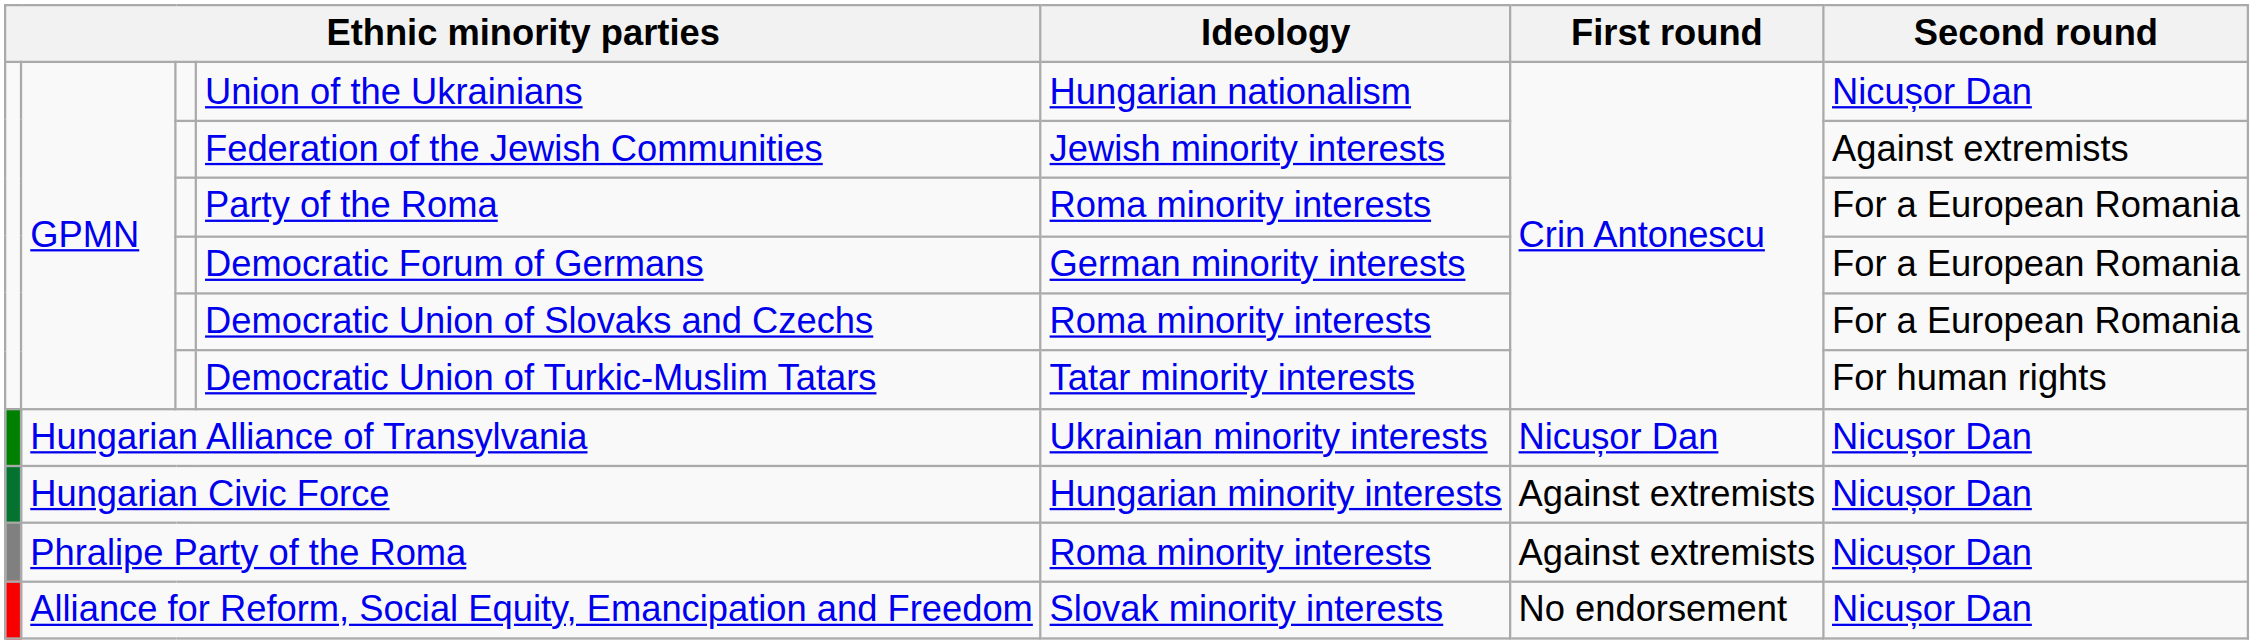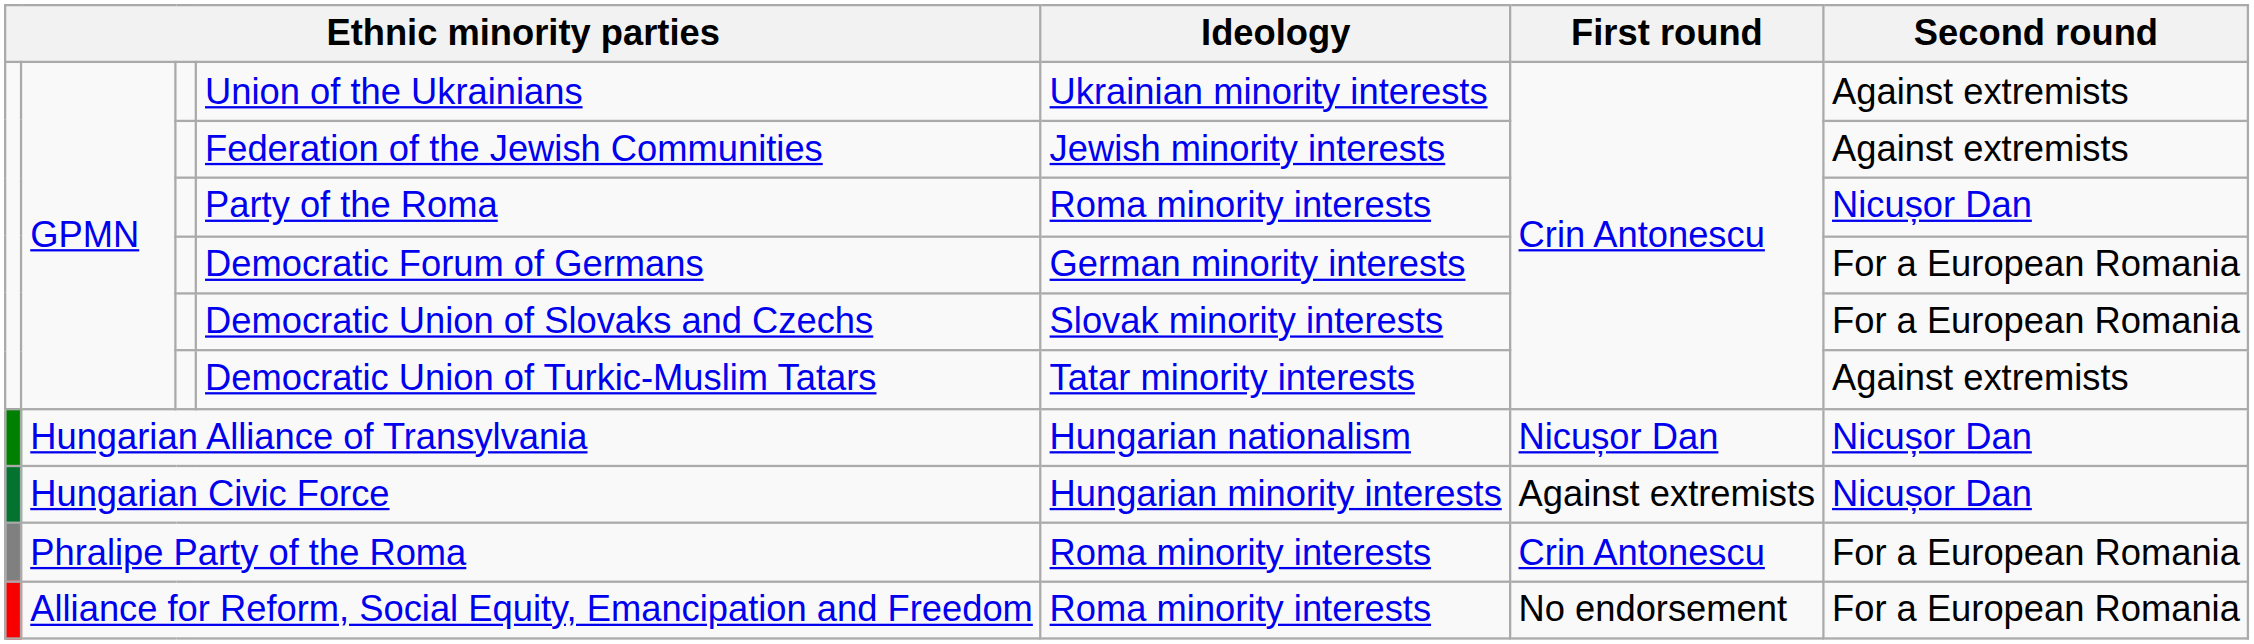 <table class="wikitable nowrap sortable collapsible collapsed">
 <tr>
 <th colspan="4">Ethnic minority parties</th>
 <th>Ideology</th>
 <th>First round</th>
 <th>Second round</th>
 </tr>
 <tr>
 <td rowspan="6" style="background-color: "></td>
 <td rowspan="6"><a href='#'>GPMN</a></td>
 <td style="background-color: "></td>
 <td><a href='#'>Union of the Ukrainians</a></td>
-<td><a href='#'>Hungarian nationalism</a></td>
+<td><a href='#'>Ukrainian minority interests</a></td>
 <td rowspan="6"><a href='#'>Crin Antonescu</a></td>
-<td><a href='#'>Nicușor Dan</a></td>
+<td>Against extremists</td>
 </tr>
 <tr>
 <td style="background-color: "></td>
 <td><a href='#'>Federation of the Jewish Communities</a></td>
 <td><a href='#'>Jewish minority interests</a></td>
 <td>Against extremists</td>
 </tr>
 <tr>
 <td style="background-color: "></td>
 <td><a href='#'>Party of the Roma</a></td>
 <td><a href='#'>Roma minority interests</a></td>
-<td>For a European Romania</td>
+<td><a href='#'>Nicușor Dan</a></td>
 </tr>
 <tr>
 <td style="background-color: "></td>
 <td><a href='#'>Democratic Forum of Germans</a></td>
 <td><a href='#'>German minority interests</a></td>
 <td>For a European Romania</td>
 </tr>
 <tr>
 <td style="background-color: "></td>
 <td><a href='#'>Democratic Union of Slovaks and Czechs</a></td>
-<td><a href='#'>Roma minority interests</a></td>
+<td><a href='#'>Slovak minority interests</a></td>
 <td>For a European Romania</td>
 </tr>
 <tr>
 <td style="background-color: "></td>
 <td><a href='#'>Democratic Union of Turkic-Muslim Tatars</a></td>
 <td><a href='#'>Tatar minority interests</a></td>
-<td>For human rights</td>
+<td>Against extremists</td>
 </tr>
 <tr>
 <td style="background-color: green;"></td>
 <td colspan="3"><a href='#'>Hungarian Alliance of Transylvania</a></td>
-<td><a href='#'>Ukrainian minority interests</a></td>
+<td><a href='#'>Hungarian nationalism</a></td>
 <td><a href='#'>Nicușor Dan</a></td>
 <td><a href='#'>Nicușor Dan</a></td>
 </tr>
 <tr>
 <td style="background-color: #04732f;"></td>
 <td colspan="3"><a href='#'>Hungarian Civic Force</a></td>
 <td><a href='#'>Hungarian minority interests</a></td>
 <td>Against extremists</td>
 <td><a href='#'>Nicușor Dan</a></td>
 </tr>
 <tr>
 <td style="background-color: grey;"></td>
 <td colspan="3"><a href='#'>Phralipe Party of the Roma</a></td>
 <td><a href='#'>Roma minority interests</a></td>
-<td>Against extremists</td>
-<td><a href='#'>Nicușor Dan</a></td>
+<td><a href='#'>Crin Antonescu</a></td>
+<td>For a European Romania</td>
 </tr>
 <tr>
 <td style="background-color: #f80000;"></td>
 <td colspan="3"><a href='#'>Alliance for Reform, Social Equity, Emancipation and Freedom</a></td>
-<td><a href='#'>Slovak minority interests</a></td>
+<td><a href='#'>Roma minority interests</a></td>
 <td>No endorsement</td>
-<td><a href='#'>Nicușor Dan</a></td>
+<td>For a European Romania</td>
 </tr>
 </table>
